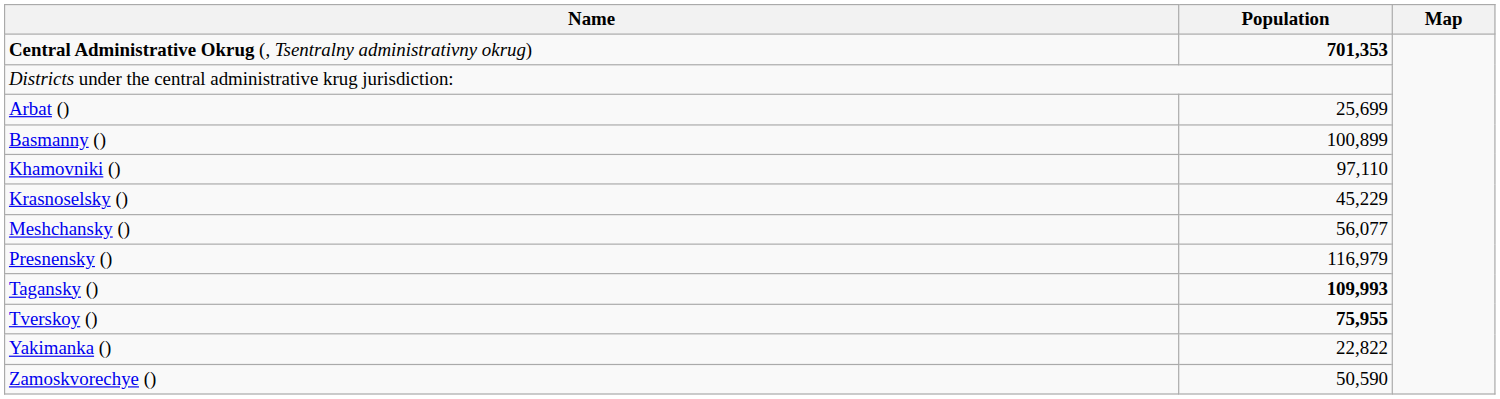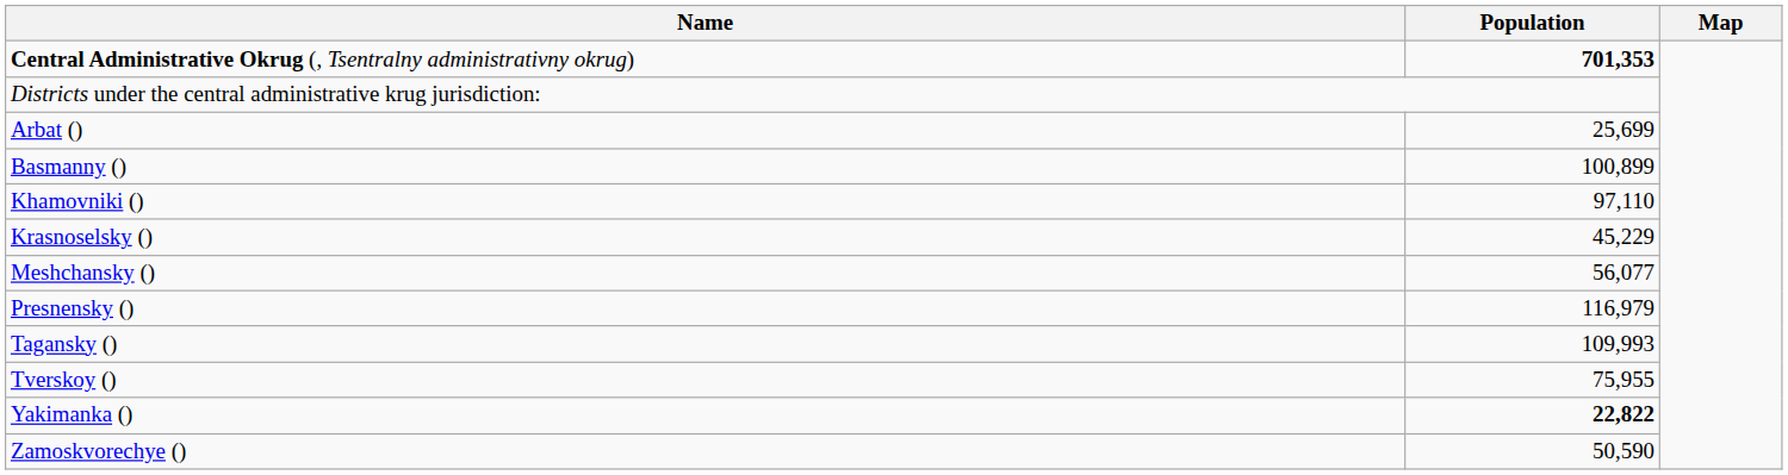 <table width=100% class="wikitable">
 <tr>
 <th>Name</th>
 <th>Population</th>
 <th>Map</th>
 </tr>
 <tr>
 <td><strong>Central Administrative Okrug</strong> (, <em>Tsentralny administrativny okrug</em>)</td>
 <td align="right"><strong>701,353</strong></td>
 <td rowspan=12></td>
 </tr>
 <tr>
 <td colspan=2><em>Districts</em> under the central administrative krug jurisdiction:</td>
 </tr>
 <tr>
 <td><a href='#'>Arbat</a> ()</td>
 <td align="right">25,699</td>
 </tr>
 <tr>
 <td><a href='#'>Basmanny</a> ()</td>
 <td align="right">100,899</td>
 </tr>
 <tr>
 <td><a href='#'>Khamovniki</a> ()</td>
 <td align="right">97,110</td>
 </tr>
 <tr>
 <td><a href='#'>Krasnoselsky</a> ()</td>
 <td align="right">45,229</td>
 </tr>
 <tr>
 <td><a href='#'>Meshchansky</a> ()</td>
 <td align="right">56,077</td>
 </tr>
 <tr>
 <td><a href='#'>Presnensky</a> ()</td>
 <td align="right">116,979</td>
 </tr>
 <tr>
 <td><a href='#'>Tagansky</a> ()</td>
-<td align="right"><strong>109,993</strong></td>
+<td align="right">109,993</td>
 </tr>
 <tr>
 <td><a href='#'>Tverskoy</a> ()</td>
-<td align="right"><strong>75,955</strong></td>
+<td align="right">75,955</td>
 </tr>
 <tr>
 <td><a href='#'>Yakimanka</a> ()</td>
-<td align="right">22,822</td>
+<td align="right"><strong>22,822</strong></td>
 </tr>
 <tr>
 <td><a href='#'>Zamoskvorechye</a> ()</td>
 <td align="right">50,590</td>
 </tr>
 </table>
